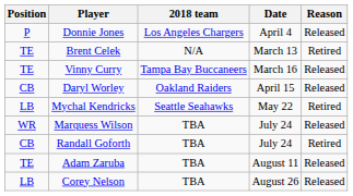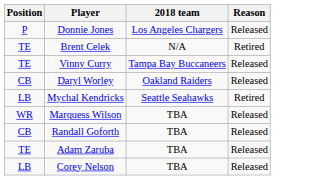 <table class="wikitable" style="font-size: 95%; text-align: center">
 <tr>
 <th>Position</th>
 <th>Player</th>
 <th>2018 team</th>
-<th>Date</th>
 <th>Reason</th>
 </tr>
 <tr>
 <td><a href='#'>P</a></td>
 <td><a href='#'>Donnie Jones</a></td>
 <td><a href='#'>Los Angeles Chargers</a></td>
-<td>April 4</td>
 <td>Released</td>
 </tr>
 <tr>
 <td><a href='#'>TE</a></td>
 <td><a href='#'>Brent Celek</a></td>
 <td>N/A</td>
-<td>March 13</td>
 <td>Retired</td>
 </tr>
 <tr>
 <td><a href='#'>TE</a></td>
 <td><a href='#'>Vinny Curry</a></td>
 <td><a href='#'>Tampa Bay Buccaneers</a></td>
-<td>March 16</td>
 <td>Released</td>
 </tr>
 <tr>
 <td><a href='#'>CB</a></td>
 <td><a href='#'>Daryl Worley</a></td>
 <td><a href='#'>Oakland Raiders</a></td>
-<td>April 15</td>
 <td>Released</td>
 </tr>
 <tr>
 <td><a href='#'>LB</a></td>
 <td><a href='#'>Mychal Kendricks</a></td>
 <td><a href='#'>Seattle Seahawks</a></td>
-<td>May 22</td>
 <td>Retired</td>
 </tr>
 <tr>
 <td><a href='#'>WR</a></td>
 <td><a href='#'>Marquess Wilson</a></td>
 <td>TBA</td>
-<td>July 24</td>
 <td>Released</td>
 </tr>
 <tr>
 <td><a href='#'>CB</a></td>
 <td><a href='#'>Randall Goforth</a></td>
 <td>TBA</td>
-<td>July 24</td>
-<td>Retired</td>
+<td>Released</td>
 </tr>
 <tr>
 <td><a href='#'>TE</a></td>
 <td><a href='#'>Adam Zaruba</a></td>
 <td>TBA</td>
-<td>August 11</td>
 <td>Released</td>
 </tr>
 <tr>
 <td><a href='#'>LB</a></td>
 <td><a href='#'>Corey Nelson</a></td>
 <td>TBA</td>
-<td>August 26</td>
 <td>Released</td>
 </tr>
 </table>
